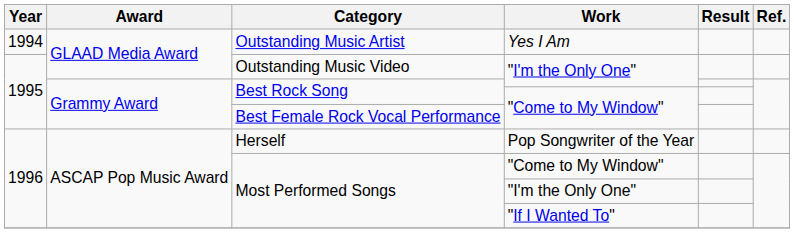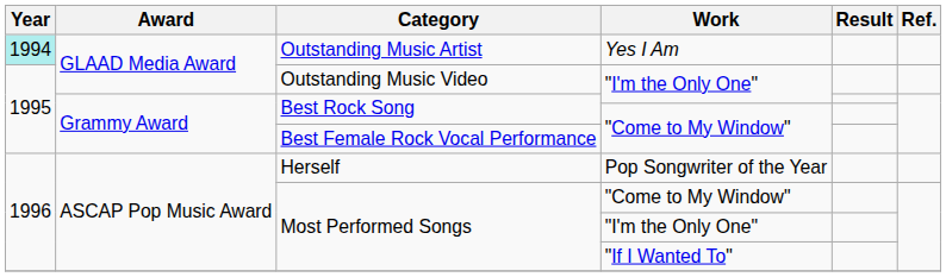 <table class="wikitable">
 <tr>
 <th>Year</th>
 <th>Award</th>
 <th>Category</th>
 <th>Work</th>
 <th>Result</th>
 <th>Ref.</th>
 </tr>
 <tr>
-<td>1994</td>
+<td style="background: paleturquoise;">1994</td>
 <td rowspan="2"><a href='#'>GLAAD Media Award</a></td>
 <td><a href='#'>Outstanding Music Artist</a></td>
 <td><em>Yes I Am</em></td>
 <td></td>
 <td align="center"></td>
 </tr>
 <tr>
 <td rowspan="4">1995</td>
 <td>Outstanding Music Video</td>
 <td rowspan="2">"<a href='#'>I'm the Only One</a>"</td>
 <td></td>
 <td align="center"></td>
 </tr>
 <tr>
 <td rowspan="3"><a href='#'>Grammy Award</a></td>
 <td rowspan="2"><a href='#'>Best Rock Song</a></td>
 <td></td>
 <td rowspan="3" align="center"></td>
 </tr>
 <tr>
 <td rowspan="2">"<a href='#'>Come to My Window</a>"</td>
 <td></td>
 </tr>
 <tr>
 <td><a href='#'>Best Female Rock Vocal Performance</a></td>
 <td></td>
 </tr>
 <tr>
 <td rowspan="4">1996</td>
 <td rowspan="4">ASCAP Pop Music Award</td>
 <td>Herself</td>
 <td>Pop Songwriter of the Year</td>
 <td></td>
 <td align="center"></td>
 </tr>
 <tr>
 <td rowspan="3">Most Performed Songs</td>
 <td>"Come to My Window"</td>
 <td></td>
 <td rowspan="3" align="center"></td>
 </tr>
 <tr>
 <td>"I'm the Only One"</td>
 <td></td>
 </tr>
 <tr>
 <td>"<a href='#'>If I Wanted To</a>"</td>
 <td></td>
 </tr>
 <tr>
 </tr>
 </table>
